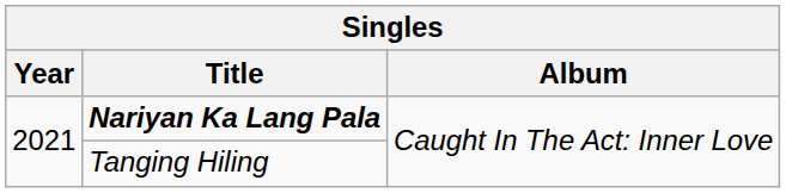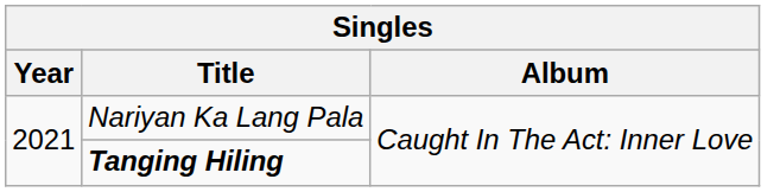 <table class="wikitable sortable">
 <tr>
 <th colspan="3">Singles</th>
 </tr>
 <tr style="background:#ccc; text-align:center;"|>
 <th>Year</th>
 <th>Title</th>
 <th>Album</th>
 </tr>
 <tr>
 <td rowspan="2">2021</td>
-<td><strong><em>Nariyan Ka Lang Pala</em></strong></td>
+<td><em>Nariyan Ka Lang Pala</em></td>
 <td rowspan="2"><em>Caught In The Act: Inner Love</em></td>
 </tr>
 <tr>
-<td><em>Tanging Hiling</em></td>
+<td><strong><em>Tanging Hiling</em></strong></td>
 </tr>
 </table>
